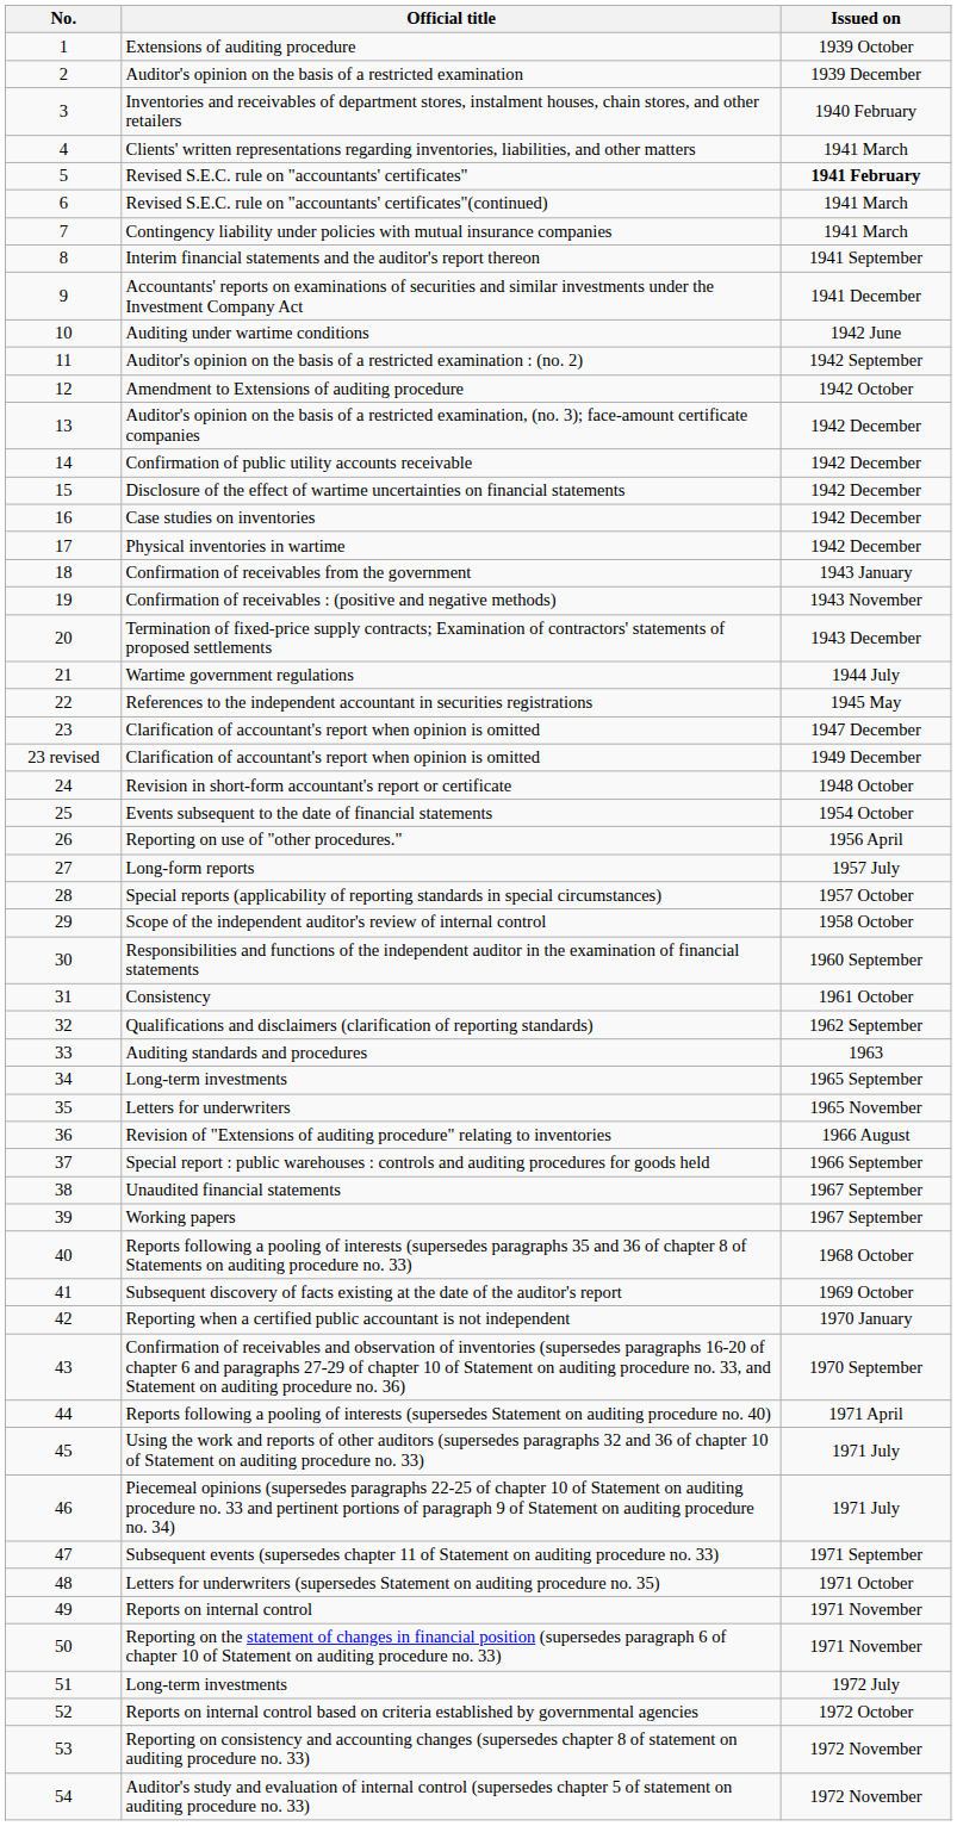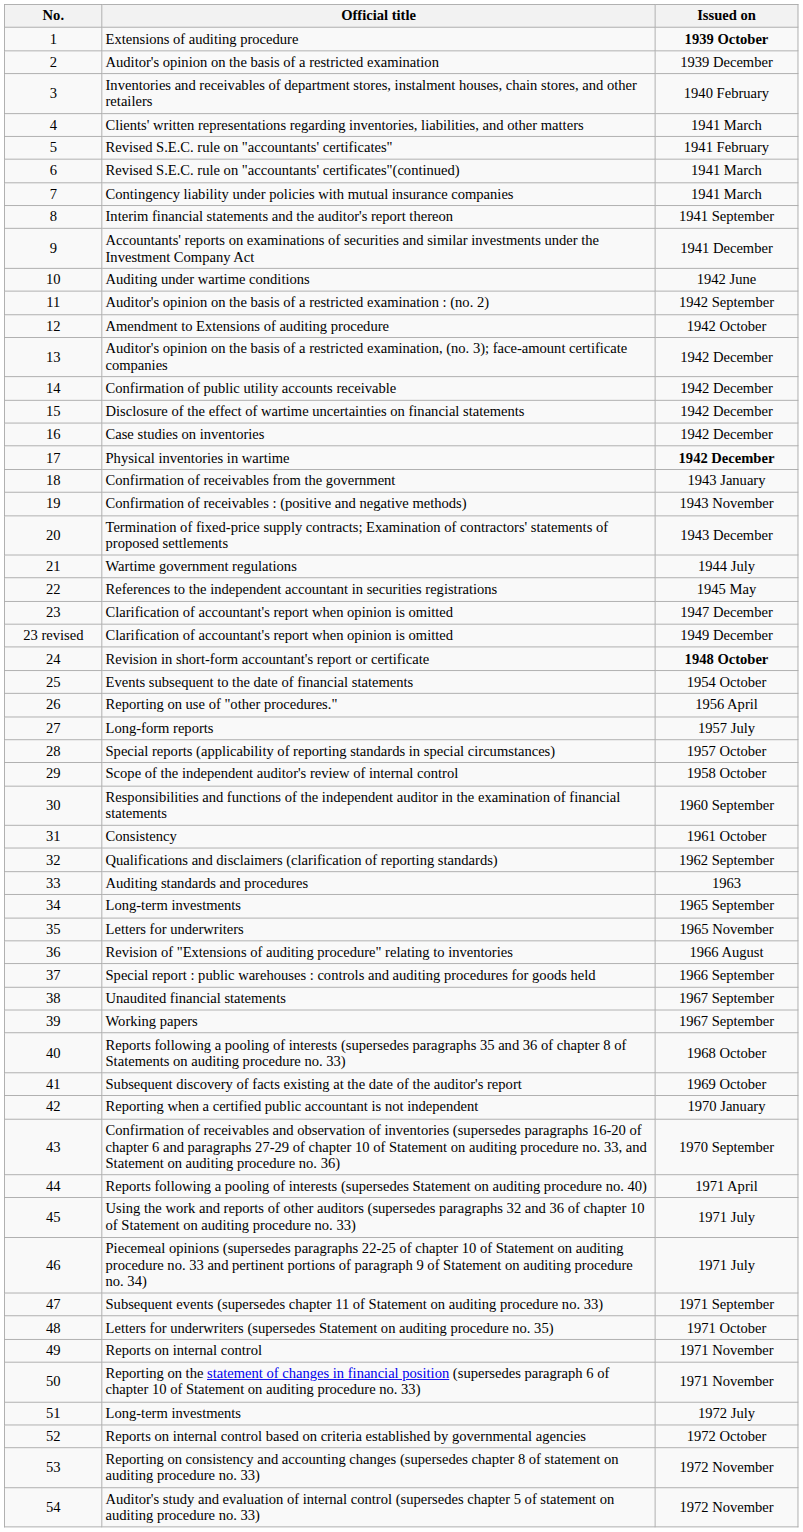 <table class="wikitable sortable">
 <tr>
 <th width="100">No.</th>
 <th width="600">Official title</th>
 <th width="150">Issued on</th>
 </tr>
 <tr>
 <td align="center">1</td>
 <td>Extensions of auditing procedure </td>
-<td align="center">1939 October</td>
+<td align="center"><strong>1939 October</strong></td>
 </tr>
 <tr>
 <td align="center">2</td>
 <td>Auditor's opinion on the basis of a restricted examination </td>
 <td align="center">1939 December</td>
 </tr>
 <tr>
 <td align="center">3</td>
 <td>Inventories and receivables of department stores, instalment houses, chain stores, and other retailers </td>
 <td align="center">1940 February</td>
 </tr>
 <tr>
 <td align="center">4</td>
 <td>Clients' written representations regarding inventories, liabilities, and other matters  </td>
 <td align="center">1941 March</td>
 </tr>
 <tr>
 <td align="center">5</td>
 <td>Revised S.E.C. rule on "accountants' certificates" </td>
-<td align="center"><strong>1941 February</strong></td>
+<td align="center">1941 February</td>
 </tr>
 <tr>
 <td align="center">6</td>
 <td>Revised S.E.C. rule on "accountants' certificates"(continued) </td>
 <td align="center">1941 March</td>
 </tr>
 <tr>
 <td align="center">7</td>
 <td>Contingency liability under policies with mutual insurance companies </td>
 <td align="center">1941 March</td>
 </tr>
 <tr>
 <td align="center">8</td>
 <td>Interim financial statements and the auditor's report thereon  </td>
 <td align="center">1941 September</td>
 </tr>
 <tr>
 <td align="center">9</td>
 <td>Accountants' reports on examinations of securities and similar investments under the Investment Company Act </td>
 <td align="center">1941 December</td>
 </tr>
 <tr>
 <td align="center">10</td>
 <td>Auditing under wartime conditions </td>
 <td align="center">1942 June</td>
 </tr>
 <tr>
 <td align="center">11</td>
 <td>Auditor's opinion on the basis of a restricted examination : (no. 2) </td>
 <td align="center">1942 September</td>
 </tr>
 <tr>
 <td align="center">12</td>
 <td>Amendment to Extensions of auditing procedure </td>
 <td align="center">1942 October</td>
 </tr>
 <tr>
 <td align="center">13</td>
 <td>Auditor's opinion on the basis of a restricted examination, (no. 3); face-amount certificate companies </td>
 <td align="center">1942 December</td>
 </tr>
 <tr>
 <td align="center">14</td>
 <td>Confirmation of public utility accounts receivable  </td>
 <td align="center">1942 December</td>
 </tr>
 <tr>
 <td align="center">15</td>
 <td>Disclosure of the effect of wartime uncertainties on financial statements </td>
 <td align="center">1942 December</td>
 </tr>
 <tr>
 <td align="center">16</td>
 <td>Case studies on inventories </td>
 <td align="center">1942 December</td>
 </tr>
 <tr>
 <td align="center">17</td>
 <td>Physical inventories in wartime </td>
-<td align="center">1942 December</td>
+<td align="center"><strong>1942 December</strong></td>
 </tr>
 <tr>
 <td align="center">18</td>
 <td>Confirmation of receivables from the government </td>
 <td align="center">1943 January</td>
 </tr>
 <tr>
 <td align="center">19</td>
 <td>Confirmation of receivables : (positive and negative methods) </td>
 <td align="center">1943 November</td>
 </tr>
 <tr>
 <td align="center">20</td>
 <td>Termination of fixed-price supply contracts; Examination of contractors' statements of proposed settlements </td>
 <td align="center">1943 December</td>
 </tr>
 <tr>
 <td align="center">21</td>
 <td>Wartime government regulations </td>
 <td align="center">1944 July</td>
 </tr>
 <tr>
 <td align="center">22</td>
 <td>References to the independent accountant in securities registrations </td>
 <td align="center">1945 May</td>
 </tr>
 <tr>
 <td align="center">23</td>
 <td>Clarification of accountant's report when opinion is omitted  </td>
 <td align="center">1947 December</td>
 </tr>
 <tr>
 <td align="center">23 revised</td>
 <td>Clarification of accountant's report when opinion is omitted  </td>
 <td align="center">1949 December</td>
 </tr>
 <tr>
 <td align="center">24</td>
 <td>Revision in short-form accountant's report or certificate </td>
-<td align="center">1948 October</td>
+<td align="center"><strong>1948 October</strong></td>
 </tr>
 <tr>
 <td align="center">25</td>
 <td>Events subsequent to the date of financial statements </td>
 <td align="center">1954 October</td>
 </tr>
 <tr>
 <td align="center">26</td>
 <td>Reporting on use of "other procedures." </td>
 <td align="center">1956 April</td>
 </tr>
 <tr>
 <td align="center">27</td>
 <td>Long-form reports </td>
 <td align="center">1957 July</td>
 </tr>
 <tr>
 <td align="center">28</td>
 <td>Special reports (applicability of reporting standards in special circumstances) </td>
 <td align="center">1957 October</td>
 </tr>
 <tr>
 <td align="center">29</td>
 <td>Scope of the independent auditor's review of internal control </td>
 <td align="center">1958 October</td>
 </tr>
 <tr>
 <td align="center">30</td>
 <td>Responsibilities and functions of the independent auditor in the examination of financial statements </td>
 <td align="center">1960 September</td>
 </tr>
 <tr>
 <td align="center">31</td>
 <td>Consistency </td>
 <td align="center">1961 October</td>
 </tr>
 <tr>
 <td align="center">32</td>
 <td>Qualifications and disclaimers (clarification of reporting standards) </td>
 <td align="center">1962 September</td>
 </tr>
 <tr>
 <td align="center">33</td>
 <td>Auditing standards and procedures </td>
 <td align="center">1963</td>
 </tr>
 <tr>
 <td align="center">34</td>
 <td>Long-term investments </td>
 <td align="center">1965 September</td>
 </tr>
 <tr>
 <td align="center">35</td>
 <td>Letters for underwriters </td>
 <td align="center">1965 November</td>
 </tr>
 <tr>
 <td align="center">36</td>
 <td>Revision of "Extensions of auditing procedure" relating to inventories  </td>
 <td align="center">1966 August</td>
 </tr>
 <tr>
 <td align="center">37</td>
 <td>Special report : public warehouses : controls and auditing procedures for goods held  </td>
 <td align="center">1966 September</td>
 </tr>
 <tr>
 <td align="center">38</td>
 <td>Unaudited financial statements </td>
 <td align="center">1967 September</td>
 </tr>
 <tr>
 <td align="center">39</td>
 <td>Working papers </td>
 <td align="center">1967 September</td>
 </tr>
 <tr>
 <td align="center">40</td>
 <td>Reports following a pooling of interests (supersedes paragraphs 35 and 36 of chapter 8 of Statements on auditing procedure no. 33) </td>
 <td align="center">1968 October</td>
 </tr>
 <tr>
 <td align="center">41</td>
 <td>Subsequent discovery of facts existing at the date of the auditor's report  </td>
 <td align="center">1969 October</td>
 </tr>
 <tr>
 <td align="center">42</td>
 <td>Reporting when a certified public accountant is not independent  </td>
 <td align="center">1970 January</td>
 </tr>
 <tr>
 <td align="center">43</td>
 <td>Confirmation of receivables and observation of inventories (supersedes paragraphs 16-20 of chapter 6 and paragraphs 27-29 of chapter 10 of Statement on auditing procedure no. 33, and Statement on auditing procedure no. 36) </td>
 <td align="center">1970 September</td>
 </tr>
 <tr>
 <td align="center">44</td>
 <td>Reports following a pooling of interests (supersedes Statement on auditing procedure no. 40) </td>
 <td align="center">1971 April</td>
 </tr>
 <tr>
 <td align="center">45</td>
 <td>Using the work and reports of other auditors (supersedes paragraphs 32 and 36 of chapter 10 of Statement on auditing procedure no. 33) </td>
 <td align="center">1971 July</td>
 </tr>
 <tr>
 <td align="center">46</td>
 <td>Piecemeal opinions (supersedes paragraphs 22-25 of chapter 10 of Statement on auditing procedure no. 33 and pertinent portions of paragraph 9 of Statement on auditing procedure no. 34) </td>
 <td align="center">1971 July</td>
 </tr>
 <tr>
 <td align="center">47</td>
 <td>Subsequent events (supersedes chapter 11 of Statement on auditing procedure no. 33) </td>
 <td align="center">1971 September</td>
 </tr>
 <tr>
 <td align="center">48</td>
 <td>Letters for underwriters (supersedes Statement on auditing procedure no. 35) </td>
 <td align="center">1971 October</td>
 </tr>
 <tr>
 <td align="center">49</td>
 <td>Reports on internal control </td>
 <td align="center">1971 November</td>
 </tr>
 <tr>
 <td align="center">50</td>
 <td>Reporting on the <a href='#'>statement of changes in financial position</a> (supersedes paragraph 6 of chapter 10 of Statement on auditing procedure no. 33) </td>
 <td align="center">1971 November</td>
 </tr>
 <tr>
 <td align="center">51</td>
 <td>Long-term investments </td>
 <td align="center">1972 July</td>
 </tr>
 <tr>
 <td align="center">52</td>
 <td>Reports on internal control based on criteria established by governmental agencies </td>
 <td align="center">1972 October</td>
 </tr>
 <tr>
 <td align="center">53</td>
 <td>Reporting on consistency and accounting changes (supersedes chapter 8 of statement on auditing procedure no. 33) </td>
 <td align="center">1972 November</td>
 </tr>
 <tr>
 <td align="center">54</td>
 <td>Auditor's study and evaluation of internal control (supersedes chapter 5 of statement on auditing procedure no. 33) </td>
 <td align="center">1972 November</td>
 </tr>
 </table>
